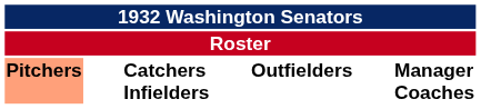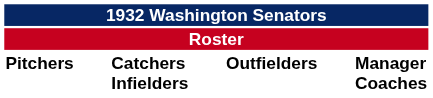 <table class="toccolours" style="font-size: 95%;">
 <tr>
 <th colspan="10" style="background-color: #072764; color: white; text-align: center;">1932 Washington Senators</th>
 </tr>
 <tr>
 <td colspan="10" style="background-color: #c6011f; color: white; text-align: center;"><strong>Roster</strong></td>
 </tr>
 <tr>
-<td valign="top" style="background: lightsalmon;"><strong>Pitchers</strong><br>            </td>
+<td valign="top"><strong>Pitchers</strong><br>            </td>
 <td width="25px"></td>
 <td valign="top"><strong>Catchers</strong><br>   <strong>Infielders</strong>         </td>
 <td width="25px"></td>
 <td valign="top"><strong>Outfielders</strong><br>    </td>
 <td width="25px"></td>
 <td valign="top"><strong>Manager</strong><br> <strong>Coaches</strong>    </td>
 </tr>
 <tr>
 </tr>
 </table>
